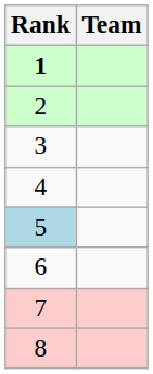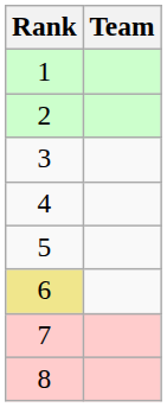 <table class=wikitable style="text-align: center;">
 <tr>
 <th>Rank</th>
 <th>Team</th>
 </tr>
 <tr style="background: #CCFFCC;">
-<td><strong>1</strong></td>
+<td>1</td>
 <td style="text-align: left;"><strong></strong></td>
 </tr>
 <tr style="background: #CCFFCC;">
 <td>2</td>
 <td style="text-align: left;"><strong></strong></td>
 </tr>
 <tr>
 <td>3</td>
 <td style="text-align: left;"></td>
 </tr>
 <tr>
 <td>4</td>
 <td style="text-align: left;"></td>
 </tr>
 <tr>
-<td style="background: lightblue;">5</td>
+<td>5</td>
 <td style="text-align: left;"></td>
 </tr>
 <tr>
-<td>6</td>
+<td style="background: khaki;">6</td>
 <td style="text-align: left;"></td>
 </tr>
 <tr style="background: #FFCCCC;">
 <td>7</td>
 <td style="text-align: left;"></td>
 </tr>
 <tr style="background: #FFCCCC;">
 <td>8</td>
 <td style="text-align: left;"></td>
 </tr>
 </table>
